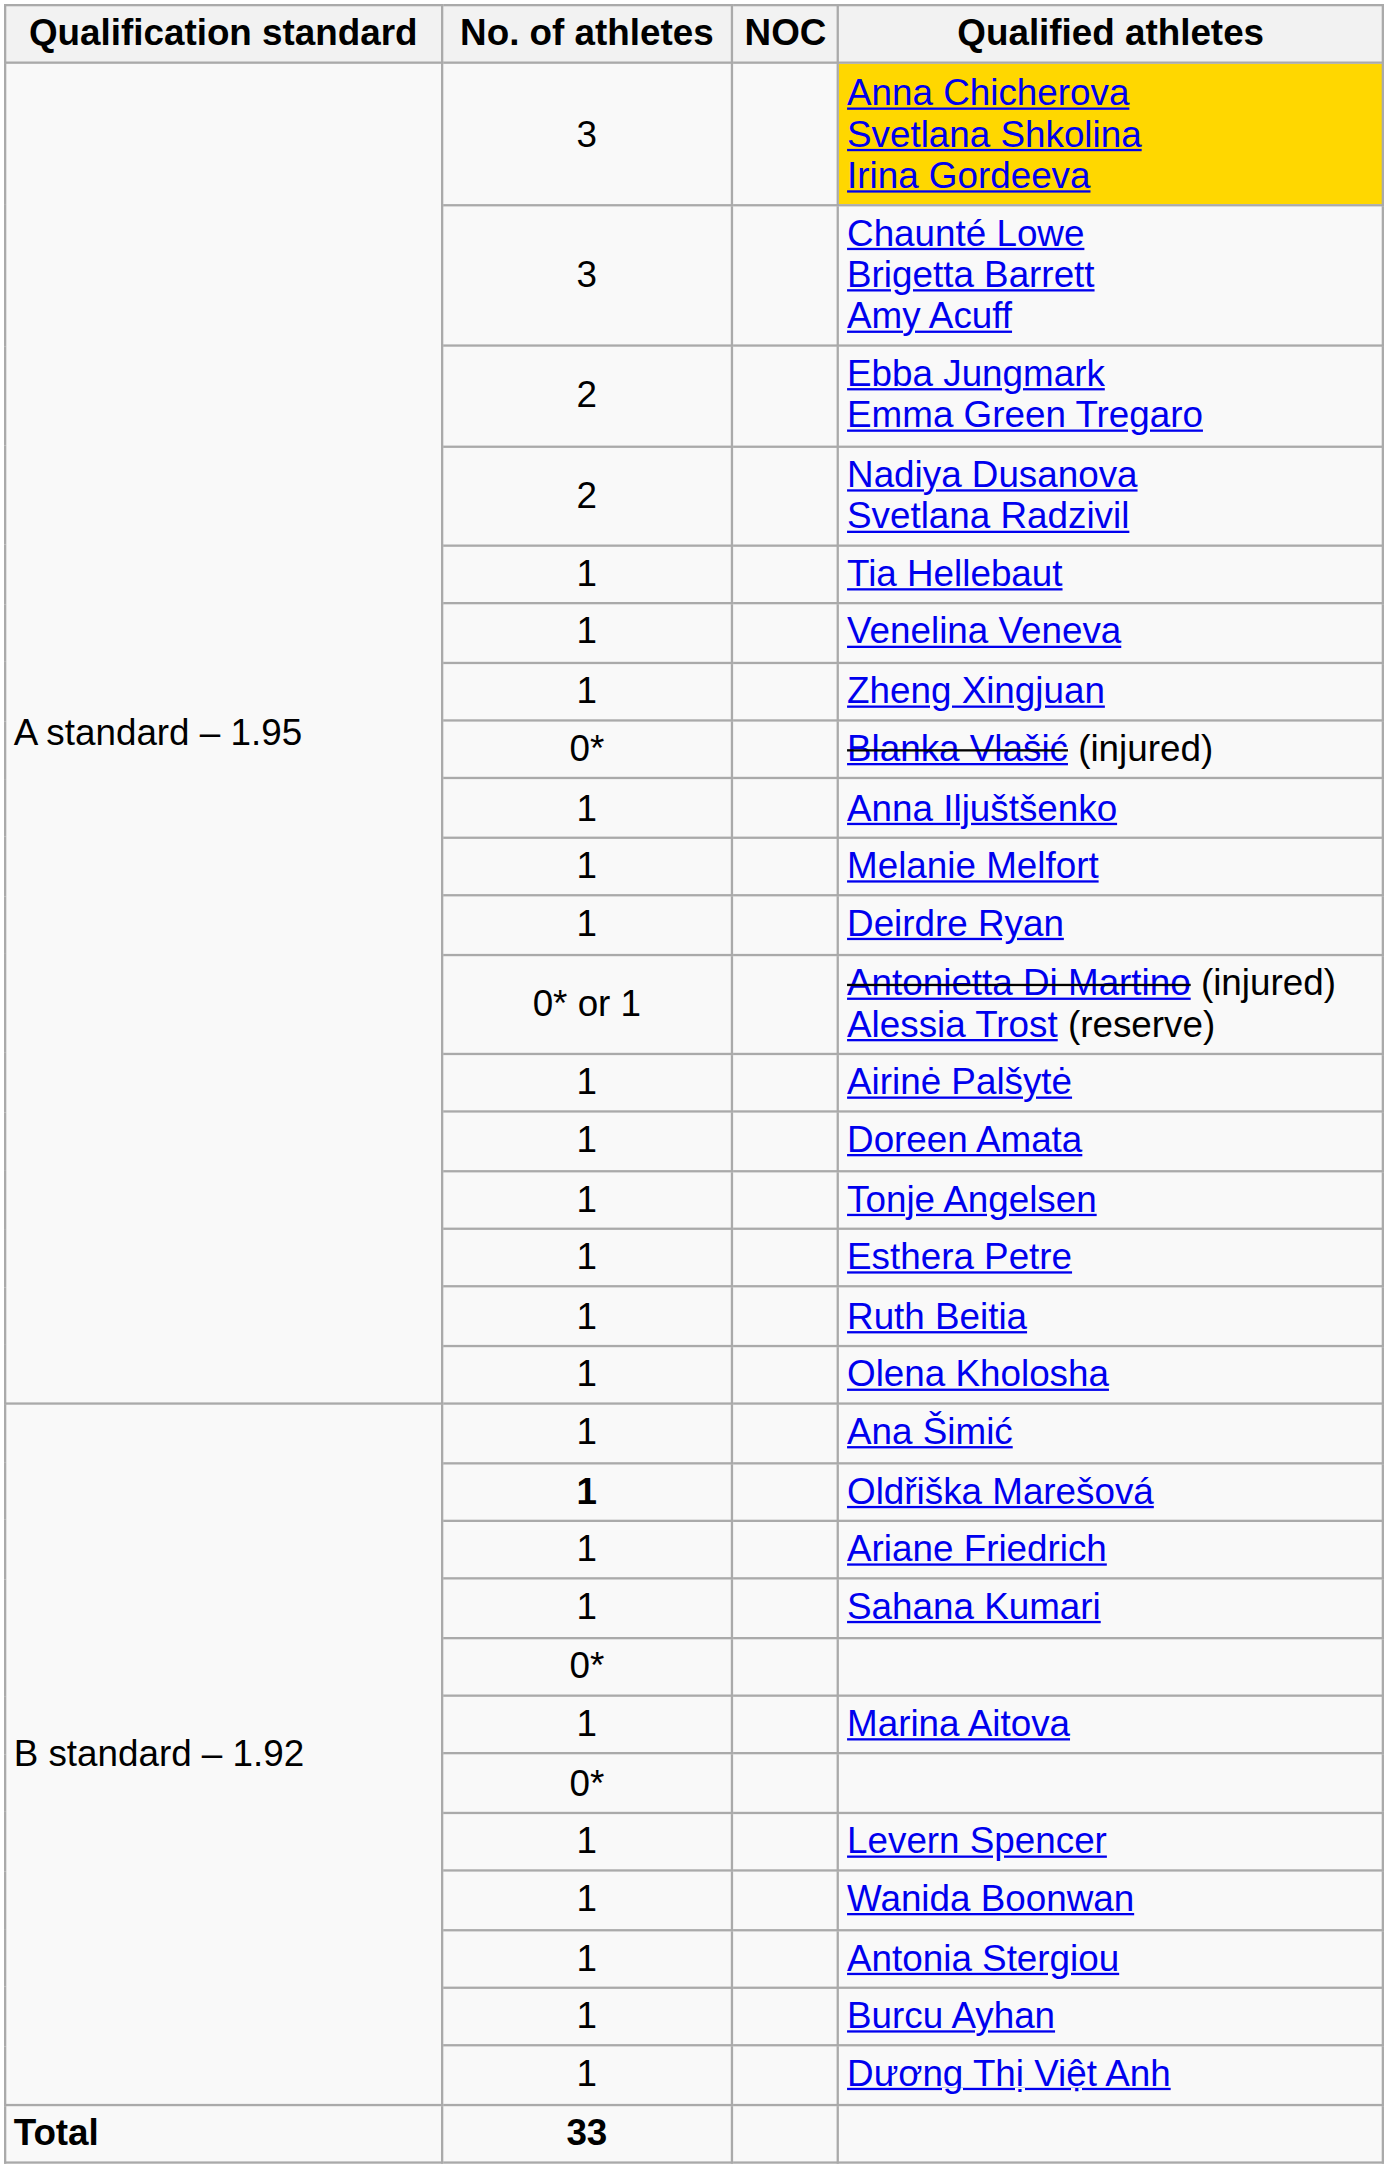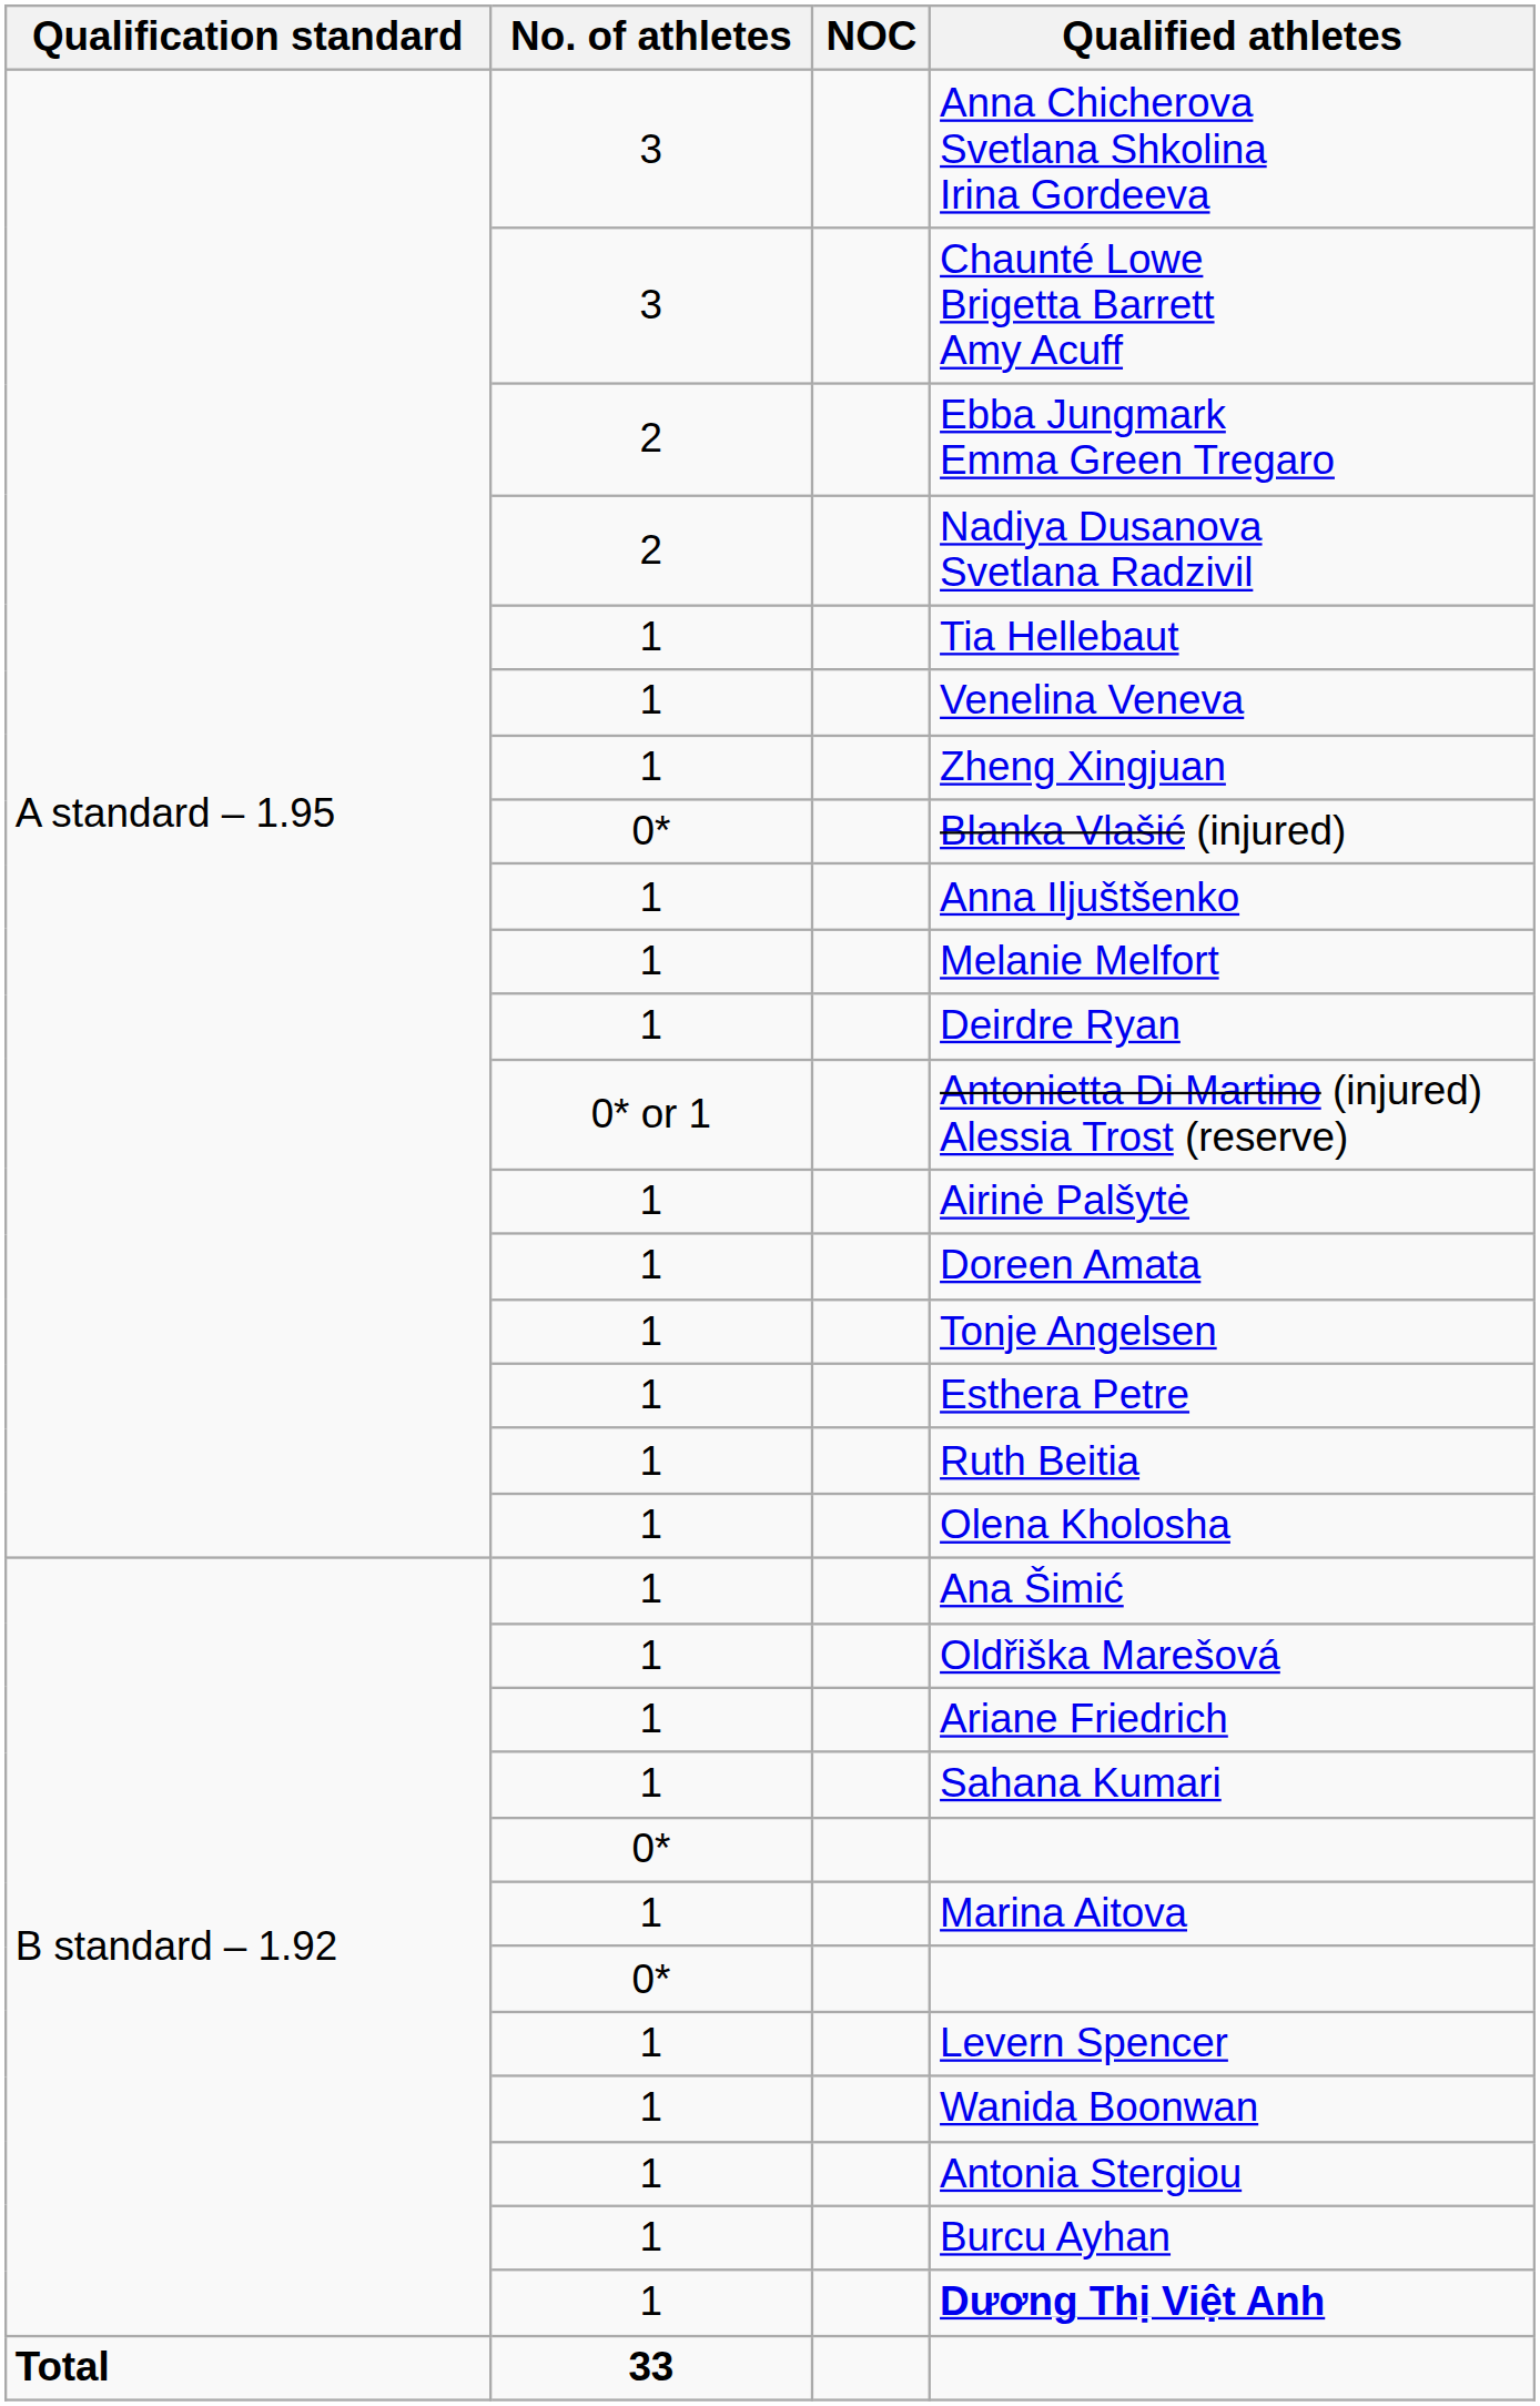 <table class="wikitable"  style="text-align:left; width:600px;">
 <tr>
 <th>Qualification standard</th>
 <th>No. of athletes</th>
 <th>NOC</th>
 <th>Qualified athletes</th>
 </tr>
 <tr>
 <td rowspan="18">A standard – 1.95</td>
 <td align=center>3</td>
 <td></td>
-<td style="background: gold;"><a href='#'>Anna Chicherova</a><br><a href='#'>Svetlana Shkolina</a><br><a href='#'>Irina Gordeeva</a></td>
+<td><a href='#'>Anna Chicherova</a><br><a href='#'>Svetlana Shkolina</a><br><a href='#'>Irina Gordeeva</a></td>
 </tr>
 <tr>
 <td align=center>3</td>
 <td></td>
 <td><a href='#'>Chaunté Lowe</a><br><a href='#'>Brigetta Barrett</a><br><a href='#'>Amy Acuff</a></td>
 </tr>
 <tr>
 <td align=center>2</td>
 <td></td>
 <td><a href='#'>Ebba Jungmark</a><br><a href='#'>Emma Green Tregaro</a></td>
 </tr>
 <tr>
 <td align=center>2</td>
 <td></td>
 <td><a href='#'>Nadiya Dusanova</a><br><a href='#'>Svetlana Radzivil</a></td>
 </tr>
 <tr>
 <td align=center>1</td>
 <td></td>
 <td><a href='#'>Tia Hellebaut</a></td>
 </tr>
 <tr>
 <td align=center>1</td>
 <td></td>
 <td><a href='#'>Venelina Veneva</a></td>
 </tr>
 <tr>
 <td align=center>1</td>
 <td></td>
 <td><a href='#'>Zheng Xingjuan</a></td>
 </tr>
 <tr>
 <td align=center>0*</td>
 <td></td>
 <td><s><a href='#'>Blanka Vlašić</a></s> (injured)</td>
 </tr>
 <tr>
 <td align=center>1</td>
 <td></td>
 <td><a href='#'>Anna Iljuštšenko</a></td>
 </tr>
 <tr>
 <td align=center>1</td>
 <td></td>
 <td><a href='#'>Melanie Melfort</a></td>
 </tr>
 <tr>
 <td align=center>1</td>
 <td></td>
 <td><a href='#'>Deirdre Ryan</a></td>
 </tr>
 <tr>
 <td align=center>0* or 1</td>
 <td></td>
 <td><s><a href='#'>Antonietta Di Martino</a></s> (injured)<br><a href='#'>Alessia Trost</a> (reserve)</td>
 </tr>
 <tr>
 <td align=center>1</td>
 <td> </td>
 <td><a href='#'>Airinė Palšytė</a></td>
 </tr>
 <tr>
 <td align=center>1</td>
 <td> </td>
 <td><a href='#'>Doreen Amata</a></td>
 </tr>
 <tr>
 <td align=center>1</td>
 <td></td>
 <td><a href='#'>Tonje Angelsen</a></td>
 </tr>
 <tr>
 <td align=center>1</td>
 <td></td>
 <td><a href='#'>Esthera Petre</a></td>
 </tr>
 <tr>
 <td align=center>1</td>
 <td></td>
 <td><a href='#'>Ruth Beitia</a></td>
 </tr>
 <tr>
 <td align=center>1</td>
 <td></td>
 <td><a href='#'>Olena Kholosha</a></td>
 </tr>
 <tr>
 <td rowspan="12">B standard – 1.92</td>
 <td align=center>1</td>
 <td></td>
 <td><a href='#'>Ana Šimić</a></td>
 </tr>
 <tr>
-<td align=center><strong>1</strong></td>
+<td align=center>1</td>
 <td></td>
 <td><a href='#'>Oldřiška Marešová</a></td>
 </tr>
 <tr>
 <td align=center>1</td>
 <td></td>
 <td><a href='#'>Ariane Friedrich</a></td>
 </tr>
 <tr>
 <td align=center>1</td>
 <td></td>
 <td><a href='#'>Sahana Kumari</a></td>
 </tr>
 <tr>
 <td align=center>0*</td>
 <td><s></s></td>
 <td></td>
 </tr>
 <tr>
 <td align=center>1</td>
 <td></td>
 <td><a href='#'>Marina Aitova</a></td>
 </tr>
 <tr>
 <td align=center>0*</td>
 <td><s></s></td>
 </tr>
 <tr>
 <td align=center>1</td>
 <td></td>
 <td><a href='#'>Levern Spencer</a></td>
 </tr>
 <tr>
 <td align=center>1</td>
 <td></td>
 <td><a href='#'>Wanida Boonwan</a></td>
 </tr>
 <tr>
 <td align=center>1</td>
 <td></td>
 <td><a href='#'>Antonia Stergiou</a></td>
 </tr>
 <tr>
 <td align=center>1</td>
 <td></td>
 <td><a href='#'>Burcu Ayhan</a></td>
 </tr>
 <tr>
 <td align=center>1</td>
 <td></td>
-<td><a href='#'>Dương Thị Việt Anh</a></td>
+<td><strong><a href='#'>Dương Thị Việt Anh</a></strong></td>
 </tr>
 <tr>
 <td><strong>Total</strong></td>
 <td align=center><strong>33</strong></td>
 <td></td>
 <td></td>
 </tr>
 </table>
